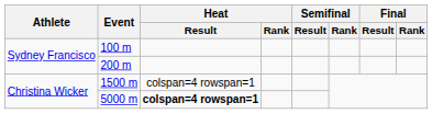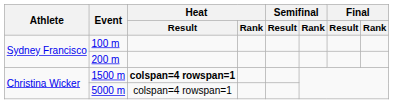 <table class="wikitable" style="font-size:90%">
 <tr>
 <th rowspan="2">Athlete</th>
 <th rowspan="2">Event</th>
 <th colspan="2">Heat</th>
 <th colspan="2">Semifinal</th>
 <th colspan="2">Final</th>
 </tr>
 <tr style="font-size:95%">
 <th>Result</th>
 <th>Rank</th>
 <th>Result</th>
 <th>Rank</th>
 <th>Result</th>
 <th>Rank</th>
 </tr>
 <tr style=text-align:center>
 <td style=text-align:left rowspan=2><a href='#'>Sydney Francisco</a></td>
 <td style=text-align:left><a href='#'>100 m</a></td>
 <td></td>
 <td></td>
 <td></td>
 <td></td>
 <td></td>
 <td></td>
 </tr>
 <tr style=text-align:center>
 <td style=text-align:left><a href='#'>200 m</a></td>
 <td></td>
 <td></td>
 <td></td>
 <td></td>
 <td></td>
 <td></td>
 </tr>
 <tr style=text-align:center>
 <td style=text-align:left rowspan=2><a href='#'>Christina Wicker</a></td>
 <td style=text-align:left><a href='#'>1500 m</a></td>
-<td>colspan=4 rowspan=1 </td>
+<td><strong>colspan=4 rowspan=1 </strong></td>
 <td></td>
 <td></td>
 </tr>
 <tr style=text-align:center>
 <td style=text-align:left><a href='#'>5000 m</a></td>
-<td><strong>colspan=4 rowspan=1 </strong></td>
+<td>colspan=4 rowspan=1 </td>
 <td></td>
 <td></td>
 </tr>
 </table>
